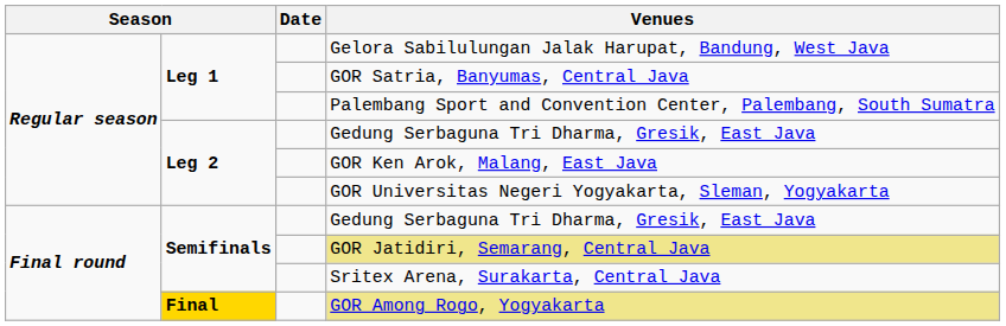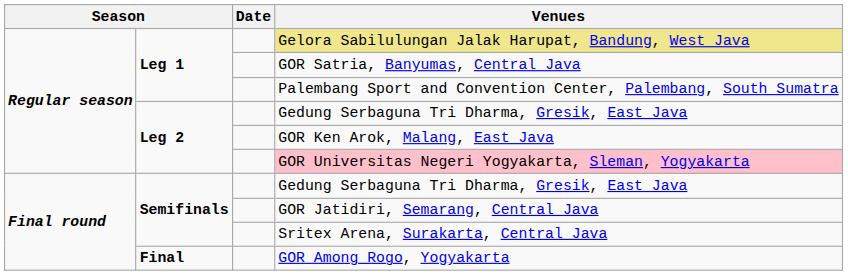 <table class="wikitable">
 <tr>
 <th colspan="2">Season</th>
 <th>Date</th>
 <th>Venues</th>
 </tr>
 <tr>
 <td rowspan="6"><strong><em>Regular season</em></strong></td>
 <td rowspan="3"><strong>Leg 1</strong></td>
 <td></td>
-<td>Gelora Sabilulungan Jalak Harupat, <a href='#'>Bandung</a>, <a href='#'>West Java</a></td>
+<td style="background: khaki;">Gelora Sabilulungan Jalak Harupat, <a href='#'>Bandung</a>, <a href='#'>West Java</a></td>
 </tr>
 <tr>
 <td></td>
 <td>GOR Satria, <a href='#'>Banyumas</a>, <a href='#'>Central Java</a></td>
 </tr>
 <tr>
 <td></td>
 <td>Palembang Sport and Convention Center, <a href='#'>Palembang</a>, <a href='#'>South Sumatra</a></td>
 </tr>
 <tr>
 <td rowspan="3"><strong>Leg 2</strong></td>
 <td></td>
 <td>Gedung Serbaguna Tri Dharma, <a href='#'>Gresik</a>, <a href='#'>East Java</a></td>
 </tr>
 <tr>
 <td></td>
 <td>GOR Ken Arok, <a href='#'>Malang</a>, <a href='#'>East Java</a></td>
 </tr>
 <tr>
 <td></td>
-<td>GOR Universitas Negeri Yogyakarta, <a href='#'>Sleman</a>, <a href='#'>Yogyakarta</a></td>
+<td style="background: pink;">GOR Universitas Negeri Yogyakarta, <a href='#'>Sleman</a>, <a href='#'>Yogyakarta</a></td>
 </tr>
 <tr>
 <td rowspan="4"><strong><em>Final round</em></strong></td>
 <td rowspan="3"><strong>Semifinals</strong></td>
 <td></td>
 <td>Gedung Serbaguna Tri Dharma, <a href='#'>Gresik</a>, <a href='#'>East Java</a></td>
 </tr>
 <tr>
 <td></td>
-<td style="background: khaki;">GOR Jatidiri, <a href='#'>Semarang</a>, <a href='#'>Central Java</a></td>
+<td>GOR Jatidiri, <a href='#'>Semarang</a>, <a href='#'>Central Java</a></td>
 </tr>
 <tr>
 <td></td>
 <td>Sritex Arena, <a href='#'>Surakarta</a>, <a href='#'>Central Java</a></td>
 </tr>
 <tr>
-<td style="background: gold;"><strong>Final</strong></td>
+<td><strong>Final</strong></td>
 <td></td>
-<td style="background: khaki;"><a href='#'>GOR Among Rogo</a>, <a href='#'>Yogyakarta</a></td>
+<td><a href='#'>GOR Among Rogo</a>, <a href='#'>Yogyakarta</a></td>
 </tr>
 </table>
